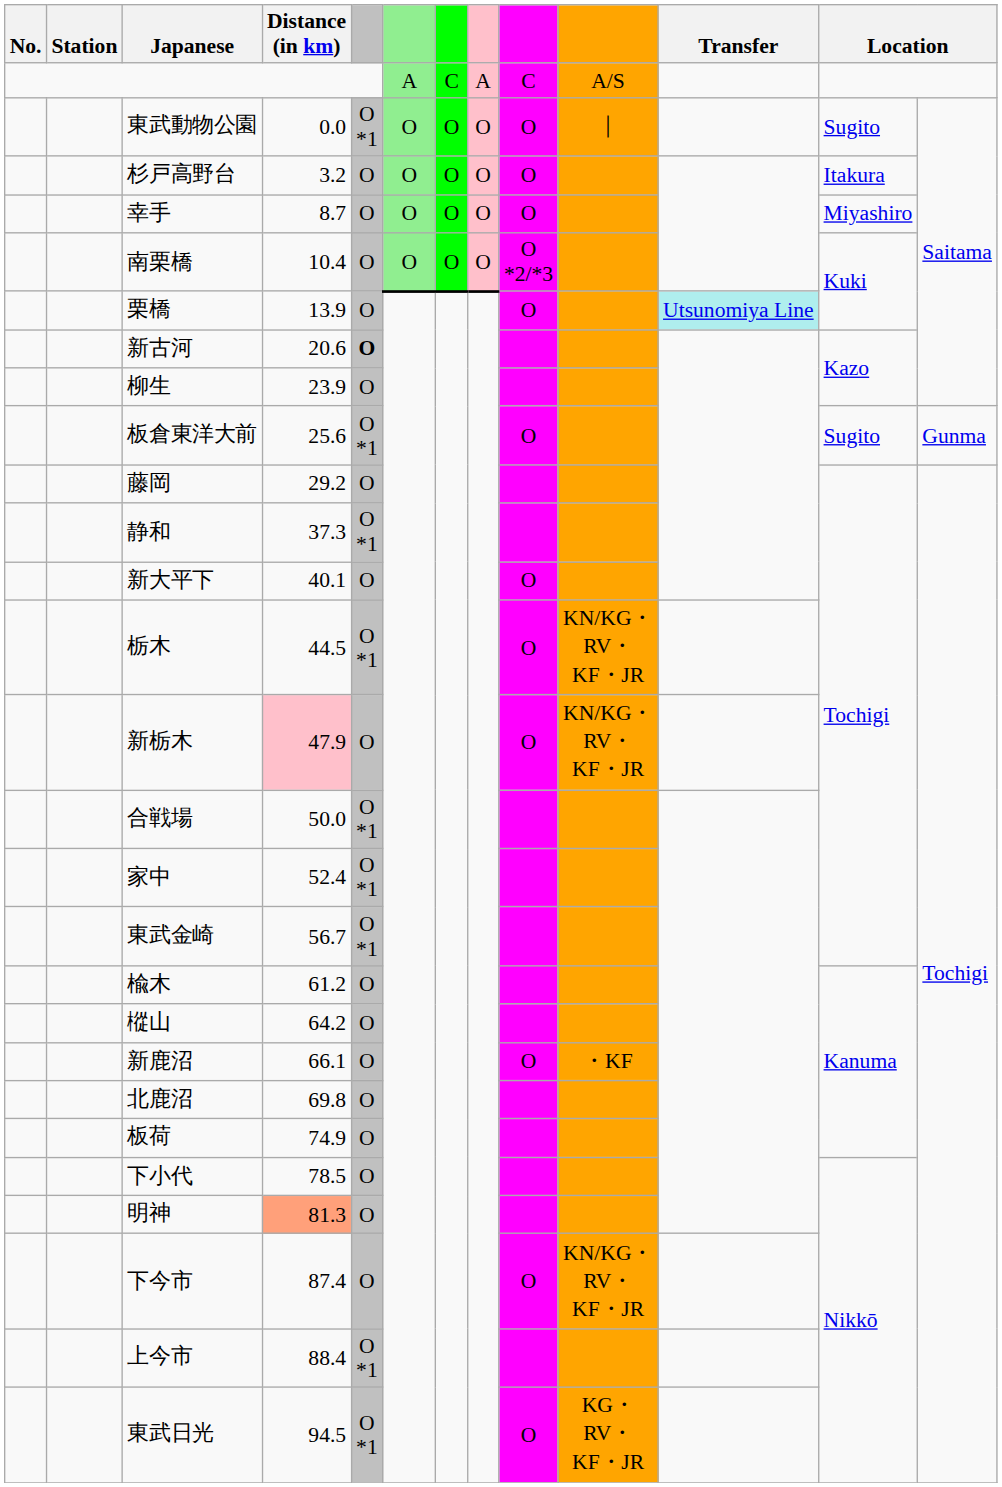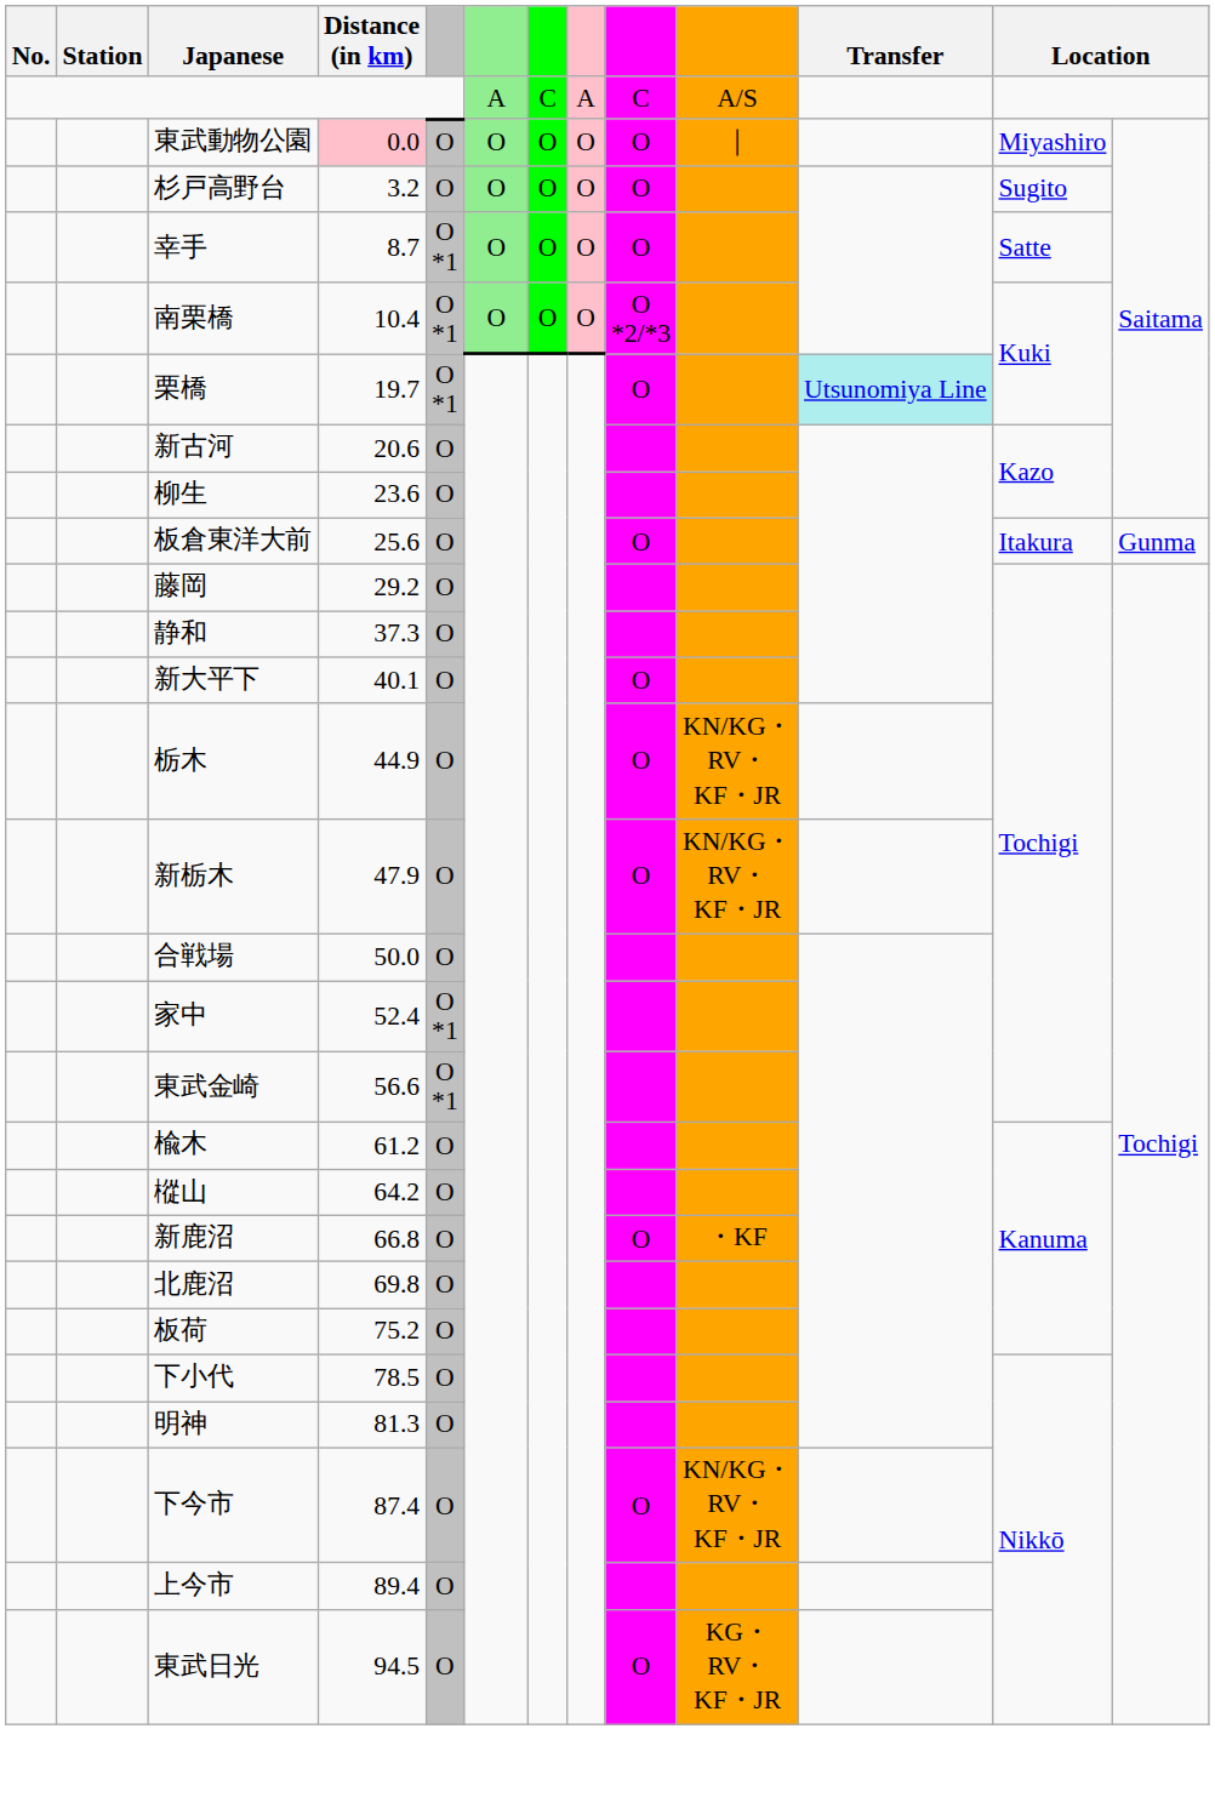 <table class="wikitable">
 <tr valign=bottom>
 <th>No.</th>
 <th>Station</th>
 <th>Japanese</th>
 <th>Distance<br><span>(in <a href='#'>km</a>)</span></th>
 <th style="text-align:center; background:silver; width:1em; whitespace:nowrap"></th>
 <th style="text-align:center; background:lightgreen; width:2em"></th>
 <th style="text-align:center; background:lime; width:1em"></th>
 <th style="text-align:center; background:pink; width:1em"></th>
 <th style="text-align:center; background:magenta; width:1px; white-space:nowrap"></th>
 <th style="text-align:center; background:orange; width:1px; white-space:nowrap"></th>
 <th>Transfer</th>
 <th colspan="2">Location</th>
 </tr>
 <tr>
 <td colspan="5"> </td>
 <td style="text-align: center; background: lightgreen">A</td>
 <td style="text-align: center; background: lime">C</td>
 <td style="text-align: center; background: pink">A</td>
 <td style="text-align: center; background: magenta">C</td>
 <td style="text-align: center; background: orange">A/S</td>
 <td> </td>
 <td colspan="2"> </td>
 </tr>
 <tr>
 <td style="text-align: left"></td>
 <td></td>
 <td>東武動物公園</td>
-<td style="text-align: right">0.0</td>
-<td style="text-align: center; background: silver">O<br>*1</td>
+<td style="background: pink; text-align: right">0.0</td>
+<td style="text-align: center; background: silver; border-top: solid 2px black">O</td>
 <td style="text-align: center; background: lightgreen">O</td>
 <td style="text-align: center; background: lime">O</td>
 <td style="text-align: center; background: pink">O</td>
 <td style="text-align: center; background: magenta">O</td>
 <td style="text-align: center; background: orange">｜</td>
 <td style="text-align: left"></td>
-<td><a href='#'>Sugito</a></td>
+<td><a href='#'>Miyashiro</a></td>
 <td rowspan="7"><a href='#'>Saitama</a></td>
 </tr>
 <tr>
 <td style="text-align: left"></td>
 <td></td>
 <td>杉戸高野台</td>
 <td style="text-align: right">3.2</td>
 <td style="text-align: center; background: silver">O</td>
 <td style="text-align: center; background: lightgreen">O</td>
 <td style="text-align: center; background: lime">O</td>
 <td style="text-align: center; background: pink">O</td>
 <td style="text-align: center; background: magenta">O</td>
 <td style="text-align: center; background: orange"></td>
 <td rowspan="3"> </td>
-<td><a href='#'>Itakura</a></td>
+<td><a href='#'>Sugito</a></td>
 </tr>
 <tr>
 <td style="text-align: left"></td>
 <td></td>
 <td>幸手</td>
 <td style="text-align: right">8.7</td>
-<td style="text-align: center; background: silver">O</td>
+<td style="text-align: center; background: silver">O<br>*1</td>
 <td style="text-align: center; background: lightgreen">O</td>
 <td style="text-align: center; background: lime">O</td>
 <td style="text-align: center; background: pink">O</td>
 <td style="text-align: center; background: magenta">O</td>
 <td style="text-align: center; background: orange"></td>
-<td><a href='#'>Miyashiro</a></td>
+<td><a href='#'>Satte</a></td>
 </tr>
 <tr>
 <td style="text-align: left"></td>
 <td></td>
 <td>南栗橋</td>
 <td style="text-align: right">10.4</td>
-<td style="text-align: center; background: silver">O</td>
+<td style="text-align: center; background: silver">O<br>*1</td>
 <td style="text-align: center; background: lightgreen; border-bottom: solid 2px black">O</td>
 <td style="text-align: center; background: lime; border-bottom: solid 2px black">O</td>
 <td style="text-align: center; background: pink; border-bottom: solid 2px black">O</td>
 <td style="text-align: center; background: magenta">O<br>*2/*3</td>
 <td style="text-align: center; background: orange"></td>
 <td rowspan="2"><a href='#'>Kuki</a></td>
 </tr>
 <tr>
 <td style="text-align: left"></td>
 <td></td>
 <td>栗橋</td>
-<td style="text-align: right">13.9</td>
-<td style="text-align: center; background: silver">O</td>
+<td style="text-align: right">19.7</td>
+<td style="text-align: center; background: silver">O<br>*1</td>
 <td rowspan="22"> </td>
 <td rowspan="22"> </td>
 <td rowspan="22"> </td>
 <td style="text-align: center; background: magenta">O</td>
 <td style="text-align: center; background: orange"></td>
 <td style="background: paleturquoise; text-align: left"><a href='#'>Utsunomiya Line</a></td>
 </tr>
 <tr>
 <td style="text-align: left"></td>
 <td></td>
 <td>新古河</td>
 <td style="text-align: right">20.6</td>
-<td style="text-align: center; background: silver"><strong>O</strong></td>
+<td style="text-align: center; background: silver">O</td>
 <td style="text-align: center; background: magenta"></td>
 <td style="text-align: center; background: orange"></td>
 <td rowspan="6"> </td>
 <td rowspan="2"><a href='#'>Kazo</a></td>
 </tr>
 <tr>
 <td style="text-align: left"></td>
 <td></td>
 <td>柳生</td>
-<td style="text-align: right">23.9</td>
+<td style="text-align: right">23.6</td>
 <td style="text-align: center; background: silver">O</td>
 <td style="text-align: center; background: magenta"></td>
 <td style="text-align: center; background: orange"></td>
 </tr>
 <tr>
 <td style="text-align: left"></td>
 <td></td>
 <td>板倉東洋大前</td>
 <td style="text-align: right">25.6</td>
-<td style="text-align: center; background: silver">O<br>*1</td>
+<td style="text-align: center; background: silver">O</td>
 <td style="text-align: center; background: magenta">O</td>
 <td style="text-align: center; background: orange"></td>
-<td><a href='#'>Sugito</a></td>
+<td><a href='#'>Itakura</a></td>
 <td><a href='#'>Gunma</a></td>
 </tr>
 <tr>
 <td style="text-align: left"></td>
 <td></td>
 <td>藤岡</td>
 <td style="text-align: right">29.2</td>
 <td style="text-align: center; background: silver">O</td>
 <td style="text-align: center; background: magenta"></td>
 <td style="text-align: center; background: orange"></td>
 <td rowspan="8"><a href='#'>Tochigi</a></td>
 <td rowspan="18"><a href='#'>Tochigi</a></td>
 </tr>
 <tr>
 <td style="text-align: left"></td>
 <td></td>
 <td>静和</td>
 <td style="text-align: right">37.3</td>
-<td style="text-align: center; background: silver">O<br>*1</td>
+<td style="text-align: center; background: silver">O</td>
 <td style="text-align: center; background: magenta"></td>
 <td style="text-align: center; background: orange"></td>
 </tr>
 <tr>
 <td style="text-align: left"></td>
 <td></td>
 <td>新大平下</td>
 <td style="text-align: right">40.1</td>
 <td style="text-align: center; background: silver">O</td>
 <td style="text-align: center; background: magenta">O</td>
 <td style="text-align: center; background: orange"></td>
 </tr>
 <tr>
 <td style="text-align: left"></td>
 <td></td>
 <td>栃木</td>
-<td style="text-align: right">44.5</td>
-<td style="text-align: center; background: silver">O<br>*1</td>
+<td style="text-align: right">44.9</td>
+<td style="text-align: center; background: silver">O</td>
 <td style="text-align: center; background: magenta">O</td>
 <td style="text-align: center; background: orange">KN/KG・RV・KF・JR</td>
 <td style="text-align: left"></td>
 </tr>
 <tr>
 <td style="text-align: left"></td>
 <td></td>
 <td>新栃木</td>
-<td style="background: pink; text-align: right">47.9</td>
+<td style="text-align: right">47.9</td>
 <td style="text-align: center; background: silver">O</td>
 <td style="text-align: center; background: magenta">O</td>
 <td style="text-align: center; background: orange">KN/KG・RV・KF・JR</td>
 <td style="text-align: center"></td>
 </tr>
 <tr>
 <td style="text-align: left"></td>
 <td></td>
 <td>合戦場</td>
 <td style="text-align: right">50.0</td>
-<td style="text-align: center; background: silver">O<br>*1</td>
+<td style="text-align: center; background: silver">O</td>
 <td style="text-align: center; background: magenta"></td>
 <td style="text-align: center; background: orange"></td>
 <td rowspan="10"> </td>
 </tr>
 <tr>
 <td style="text-align: left"></td>
 <td></td>
 <td>家中</td>
 <td style="text-align: right">52.4</td>
 <td style="text-align: center; background: silver">O<br>*1</td>
 <td style="text-align: center; background: magenta"></td>
 <td style="text-align: center; background: orange"></td>
 </tr>
 <tr>
 <td style="text-align: left"></td>
 <td></td>
 <td>東武金崎</td>
-<td style="text-align: right">56.7</td>
+<td style="text-align: right">56.6</td>
 <td style="text-align: center; background: silver">O<br>*1</td>
 <td style="text-align: center; background: magenta"></td>
 <td style="text-align: center; background: orange"></td>
 </tr>
 <tr>
 <td style="text-align: left"></td>
 <td></td>
 <td>楡木</td>
 <td style="text-align: right">61.2</td>
 <td style="text-align: center; background: silver">O</td>
 <td style="text-align: center; background: magenta"></td>
 <td style="text-align: center; background: orange"></td>
 <td rowspan="5"><a href='#'>Kanuma</a></td>
 </tr>
 <tr>
 <td style="text-align: left"></td>
 <td></td>
 <td>樅山</td>
 <td style="text-align: right">64.2</td>
 <td style="text-align: center; background: silver">O</td>
 <td style="text-align: center; background: magenta"></td>
 <td style="text-align: center; background: orange"></td>
 </tr>
 <tr>
 <td style="text-align: left"></td>
 <td></td>
 <td>新鹿沼</td>
-<td style="text-align: right">66.1</td>
+<td style="text-align: right">66.8</td>
 <td style="text-align: center; background: silver">O</td>
 <td style="text-align: center; background: magenta">O</td>
 <td style="text-align: center; background: orange">・KF</td>
 </tr>
 <tr>
 <td style="text-align: left"></td>
 <td></td>
 <td>北鹿沼</td>
 <td style="text-align: right">69.8</td>
 <td style="text-align: center; background: silver">O</td>
 <td style="text-align: center; background: magenta"></td>
 <td style="text-align: center; background: orange"></td>
 </tr>
 <tr>
 <td style="text-align: left"></td>
 <td></td>
 <td>板荷</td>
-<td style="text-align: right">74.9</td>
+<td style="text-align: right">75.2</td>
 <td style="text-align: center; background: silver">O</td>
 <td style="text-align: center; background: magenta"></td>
 <td style="text-align: center; background: orange"></td>
 </tr>
 <tr>
 <td style="text-align: left"></td>
 <td></td>
 <td>下小代</td>
 <td style="text-align: right">78.5</td>
 <td style="text-align: center; background: silver">O</td>
 <td style="text-align: center; background: magenta"></td>
 <td style="text-align: center; background: orange"></td>
 <td rowspan="5"><a href='#'>Nikkō</a></td>
 </tr>
 <tr>
 <td style="text-align: left"></td>
 <td></td>
 <td>明神</td>
-<td style="background: lightsalmon; text-align: right">81.3</td>
+<td style="text-align: right">81.3</td>
 <td style="text-align: center; background: silver">O</td>
 <td style="text-align: center; background: magenta"></td>
 <td style="text-align: center; background: orange"></td>
 </tr>
 <tr>
 <td style="text-align: left"></td>
 <td></td>
 <td>下今市</td>
 <td style="text-align: right">87.4</td>
 <td style="text-align: center; background: silver">O</td>
 <td style="text-align: center; background: magenta">O</td>
 <td style="text-align: center; background: orange">KN/KG・RV・KF・JR</td>
 <td style="text-align: center"></td>
 </tr>
 <tr>
 <td style="text-align: left"></td>
 <td></td>
 <td>上今市</td>
-<td style="text-align: right">88.4</td>
-<td style="text-align: center; background: silver">O<br>*1</td>
+<td style="text-align: right">89.4</td>
+<td style="text-align: center; background: silver">O</td>
 <td style="text-align: center; background: magenta"></td>
 <td style="text-align: center; background: orange"></td>
 <td> </td>
 </tr>
 <tr>
 <td style="text-align: left"></td>
 <td></td>
 <td>東武日光</td>
 <td style="text-align: right">94.5</td>
-<td style="text-align: center; background: silver">O<br>*1</td>
+<td style="text-align: center; background: silver">O</td>
 <td style="text-align: center; background: magenta">O</td>
 <td style="text-align: center; background: orange">KG・RV・KF・JR</td>
 <td style="text-align: center"></td>
 </tr>
 </table>
